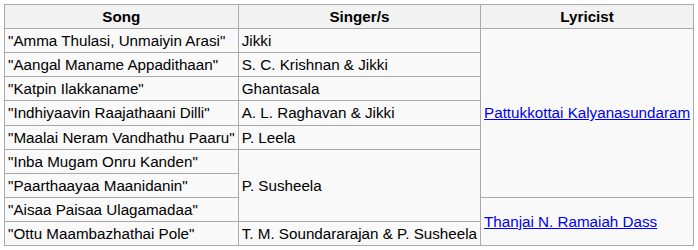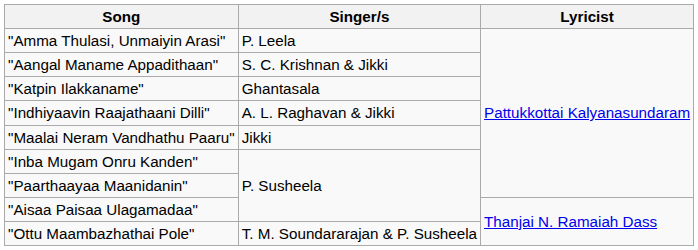 <table class="wikitable" style="font-size:95%;">
 <tr>
 <th>Song</th>
 <th>Singer/s</th>
 <th>Lyricist</th>
 </tr>
 <tr>
 <td>"Amma Thulasi, Unmaiyin Arasi"</td>
-<td>Jikki</td>
+<td>P. Leela</td>
 <td rowspan=7><a href='#'>Pattukkottai Kalyanasundaram</a></td>
 </tr>
 <tr>
 <td>"Aangal Maname Appadithaan"</td>
 <td>S. C. Krishnan & Jikki</td>
 </tr>
 <tr>
 <td>"Katpin Ilakkaname"</td>
 <td>Ghantasala</td>
 </tr>
 <tr>
 <td>"Indhiyaavin Raajathaani Dilli"</td>
 <td>A. L. Raghavan & Jikki</td>
 </tr>
 <tr>
 <td>"Maalai Neram Vandhathu Paaru"</td>
-<td>P. Leela</td>
+<td>Jikki</td>
 </tr>
 <tr>
 <td>"Inba Mugam Onru Kanden"</td>
 <td rowspan=3>P. Susheela</td>
 </tr>
 <tr>
 <td>"Paarthaayaa Maanidanin"</td>
 </tr>
 <tr>
 <td>"Aisaa Paisaa Ulagamadaa"</td>
 <td rowspan=2><a href='#'>Thanjai N. Ramaiah Dass</a></td>
 </tr>
 <tr>
 <td>"Ottu Maambazhathai Pole"</td>
 <td>T. M. Soundararajan & P. Susheela</td>
 </tr>
 </table>
